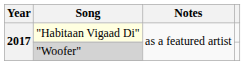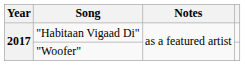 <table class="wikitable plainrowheaders sortable">
 <tr>
 <th scope="col">Year</th>
 <th scope="col">Song</th>
 <th scope="col" class="unsortable">Notes</th>
 <th scope="col" class="unsortable"></th>
 </tr>
 <tr>
 <th scope="row" rowspan="2">2017</th>
-<td style="background: lightyellow;">"Habitaan Vigaad Di"</td>
+<td>"Habitaan Vigaad Di"</td>
 <td rowspan="2">as a featured artist</td>
 <td></td>
 </tr>
 <tr>
-<td style="background: lightgrey;">"Woofer"</td>
+<td>"Woofer"</td>
 <td></td>
 </tr>
 </table>
